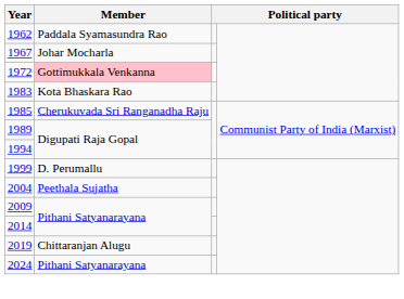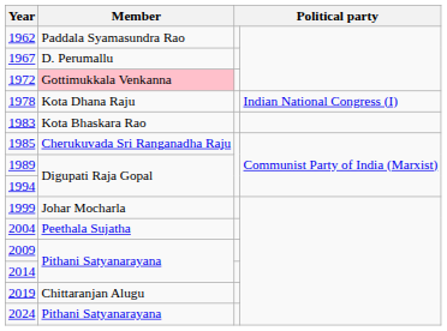 <table class="wikitable sortable">
 <tr>
 <th>Year</th>
 <th>Member</th>
 <th colspan=2>Political party</th>
 </tr>
 <tr>
 <td><a href='#'>1962</a></td>
 <td>Paddala Syamasundra Rao</td>
 <td></td>
 </tr>
 <tr>
 <td><a href='#'>1967</a></td>
-<td>Johar Mocharla</td>
+<td>D. Perumallu</td>
 <td></td>
 </tr>
 <tr>
 <td><a href='#'>1972</a></td>
 <td style="background: pink;">Gottimukkala Venkanna</td>
 <td></td>
+</tr>
+<tr>
+<td><a href='#'>1978</a></td>
+<td>Kota Dhana Raju</td>
+<td style="background-color: "></td>
+<td><a href='#'>Indian National Congress (I)</a></td>
 </tr>
 <tr>
 <td><a href='#'>1983</a></td>
 <td>Kota Bhaskara Rao</td>
 <td></td>
 </tr>
 <tr>
 <td><a href='#'>1985</a></td>
 <td><a href='#'>Cherukuvada Sri Ranganadha Raju</a></td>
 <td rowspan=3 style="background-color: "></td>
 <td rowspan=3><a href='#'>Communist Party of India (Marxist)</a></td>
 </tr>
 <tr>
 <td><a href='#'>1989</a></td>
 <td rowspan=2>Digupati Raja Gopal</td>
 </tr>
 <tr>
 <td><a href='#'>1994</a></td>
 </tr>
 <tr>
 <td><a href='#'>1999</a></td>
-<td>D. Perumallu</td>
+<td>Johar Mocharla</td>
 <td></td>
 </tr>
 <tr>
 <td><a href='#'>2004</a></td>
 <td><a href='#'>Peethala Sujatha</a></td>
 <td></td>
 </tr>
 <tr>
 <td><a href='#'>2009</a></td>
 <td rowspan=2><a href='#'>Pithani Satyanarayana</a></td>
 <td></td>
 </tr>
 <tr>
 <td><a href='#'>2014</a></td>
 <td></td>
 </tr>
 <tr>
 <td><a href='#'>2019</a></td>
 <td>Chittaranjan Alugu</td>
 <td></td>
 </tr>
 <tr>
 <td><a href='#'>2024</a></td>
 <td><a href='#'>Pithani Satyanarayana</a></td>
 <td></td>
 </tr>
 </table>
